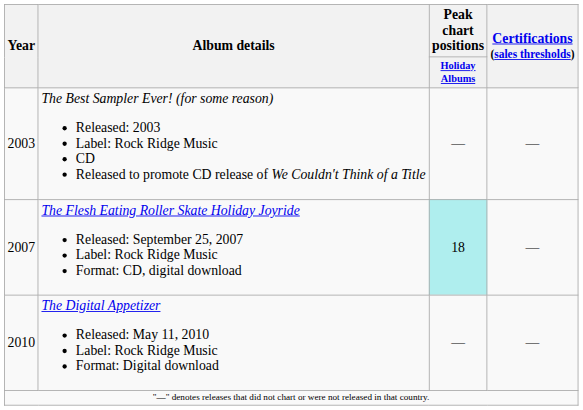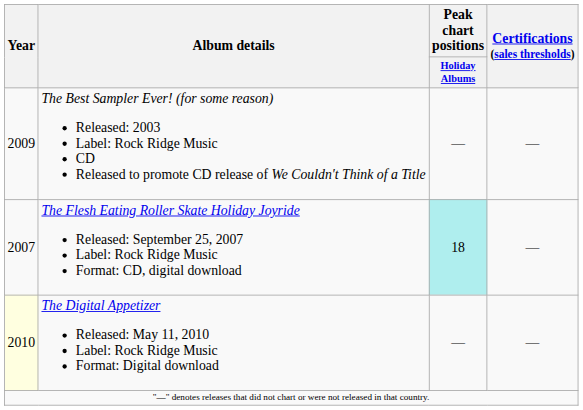 <table class="wikitable" border="1">
 <tr>
 <th rowspan="2">Year</th>
 <th rowspan="2">Album details</th>
 <th colspan="1">Peak chart positions</th>
 <th rowspan="2"><a href='#'>Certifications</a><br><small>(<a href='#'>sales thresholds</a>)</small></th>
 </tr>
 <tr>
 <th style="width:3em;font-size:75%;"><a href='#'>Holiday Albums</a></th>
 </tr>
 <tr>
-<td align="center">2003</td>
+<td align="center">2009</td>
 <td><em>The Best Sampler Ever! (for some reason)</em><br><ul><li>Released: 2003</li><li>Label: Rock Ridge Music</li><li>CD</li><li>Released to promote CD release of <em>We Couldn't Think of a Title</em></li></ul></td>
 <td align="center">—</td>
 <td align="center">—</td>
 </tr>
 <tr>
 <td align="center">2007</td>
 <td><em><a href='#'>The Flesh Eating Roller Skate Holiday Joyride</a></em><br><ul><li>Released: September 25, 2007</li><li>Label: Rock Ridge Music</li><li>Format: CD, digital download</li></ul></td>
 <td align="center" style="background: paleturquoise;">18</td>
 <td align="center">—</td>
 </tr>
 <tr>
-<td align="center">2010</td>
+<td align="center" style="background: lightyellow;">2010</td>
 <td><em><a href='#'>The Digital Appetizer</a></em><br><ul><li>Released: May 11, 2010</li><li>Label: Rock Ridge Music</li><li>Format: Digital download</li></ul></td>
 <td align="center">—</td>
 <td align="center">—</td>
 </tr>
 <tr>
 <td align="center" colspan="13" style="font-size: 8pt">"—" denotes releases that did not chart or were not released in that country.</td>
 </tr>
 </table>
